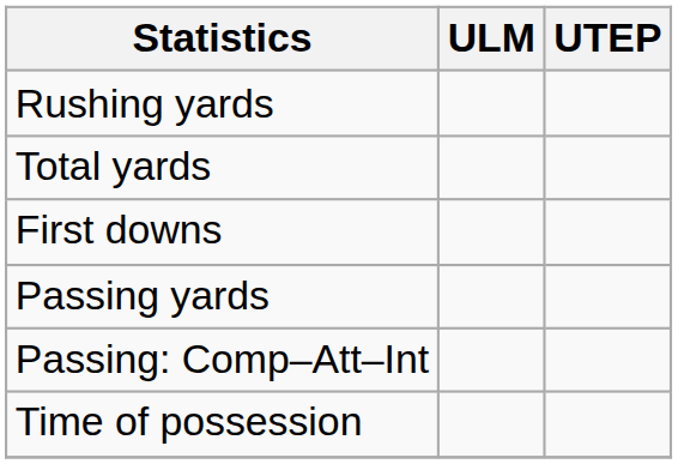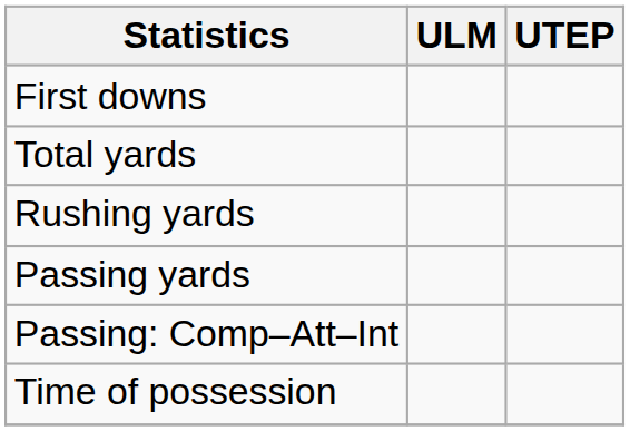 <table class="wikitable" style="float: left;">
 <tr>
 <th>Statistics</th>
 <th>ULM</th>
 <th>UTEP</th>
 </tr>
 <tr>
-<td>Rushing yards</td>
+<td>First downs</td>
 <td></td>
 <td></td>
 </tr>
 <tr>
 <td>Total yards</td>
 <td></td>
 <td></td>
 </tr>
 <tr>
-<td>First downs</td>
+<td>Rushing yards</td>
 <td></td>
 <td></td>
 </tr>
 <tr>
 <td>Passing yards</td>
 <td></td>
 <td></td>
 </tr>
 <tr>
 <td>Passing: Comp–Att–Int</td>
 <td></td>
 <td></td>
 </tr>
 <tr>
 <td>Time of possession</td>
 <td></td>
 <td></td>
 </tr>
 <tr>
 </tr>
 </table>
